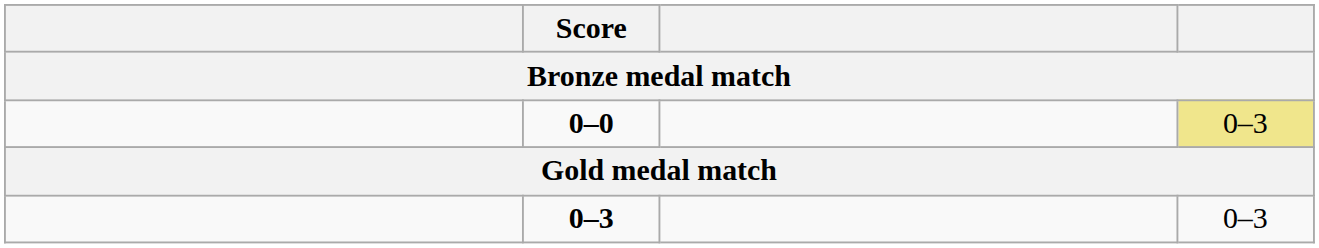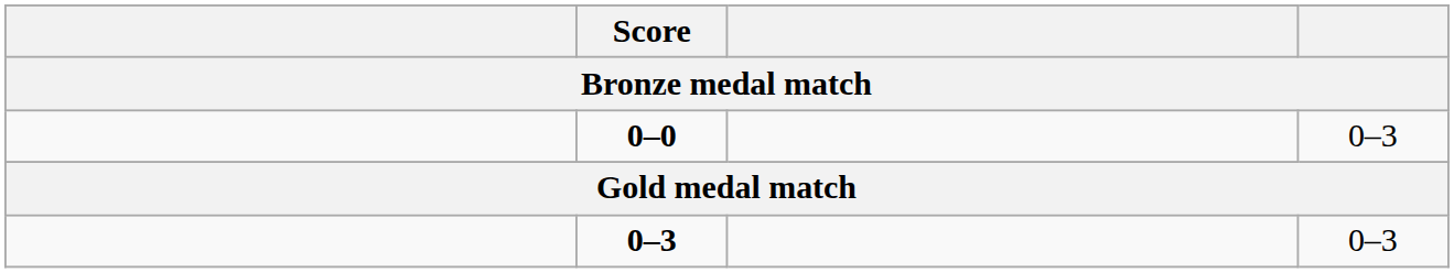 <table class="wikitable" style="text-align: left;">
 <tr>
 <th align="right" width="270"></th>
 <th width="65">Score</th>
 <th align="left" width="270"></th>
 <th width="65"></th>
 </tr>
 <tr>
 <th colspan=4>Bronze medal match</th>
 </tr>
 <tr>
 <td><strong></strong></td>
 <td align="center"><strong>0–0</strong></td>
 <td></td>
-<td align=center style="background: khaki;">0–3 <strong></strong></td>
+<td align=center>0–3 <strong></strong></td>
 </tr>
 <tr>
 <th colspan=4>Gold medal match</th>
 </tr>
 <tr>
 <td></td>
 <td align="center"><strong>0–3</strong></td>
 <td><strong></strong></td>
 <td align=center>0–3 <strong></strong></td>
 </tr>
 </table>
